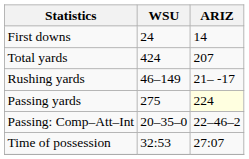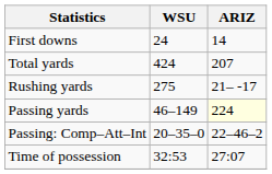 <table class="wikitable" style="float: left;">
 <tr>
 <th>Statistics</th>
 <th>WSU</th>
 <th>ARIZ</th>
 </tr>
 <tr>
 <td>First downs</td>
 <td>24</td>
 <td>14</td>
 </tr>
 <tr>
 <td>Total yards</td>
 <td>424</td>
 <td>207</td>
 </tr>
 <tr>
 <td>Rushing yards</td>
-<td>46–149</td>
+<td>275</td>
 <td>21– -17</td>
 </tr>
 <tr>
 <td>Passing yards</td>
-<td>275</td>
+<td>46–149</td>
 <td style="background: lightyellow;">224</td>
 </tr>
 <tr>
 <td>Passing: Comp–Att–Int</td>
 <td>20–35–0</td>
 <td>22–46–2</td>
 </tr>
 <tr>
 <td>Time of possession</td>
 <td>32:53</td>
 <td>27:07</td>
 </tr>
 <tr>
 </tr>
 </table>
